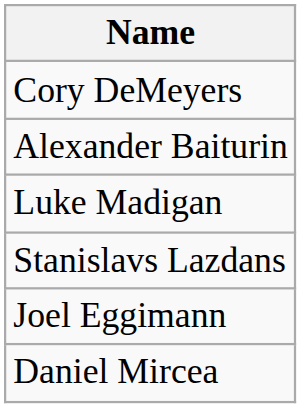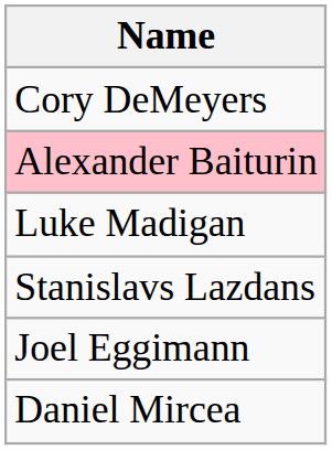 <table class="wikitable">
 <tr>
 <th>Name</th>
 </tr>
 <tr>
 <td> Cory DeMeyers</td>
 </tr>
 <tr>
-<td> Alexander Baiturin</td>
+<td style="background: pink;"> Alexander Baiturin</td>
 </tr>
 <tr>
 <td> Luke Madigan</td>
 </tr>
 <tr>
 <td> Stanislavs Lazdans</td>
 </tr>
 <tr>
 <td> Joel Eggimann</td>
 </tr>
 <tr>
 <td> Daniel Mircea</td>
 </tr>
 </table>
